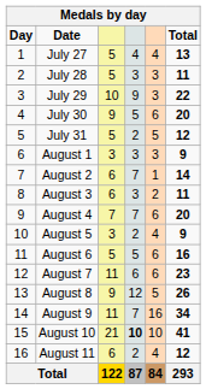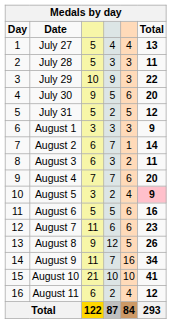 <table class=wikitable style="font-size:85%; float:right;text-align:center">
 <tr>
 <th colspan=7>Medals by day</th>
 </tr>
 <tr>
 <td><strong>Day</strong></td>
 <td><strong>Date</strong></td>
 <td bgcolor=F7F6A8></td>
 <td bgcolor=DCE5E5></td>
 <td bgcolor=FFDAB9></td>
 <td><strong>Total</strong></td>
 </tr>
 <tr>
 <td>1</td>
 <td>July 27</td>
 <td bgcolor=F7F6A8>5</td>
 <td bgcolor=DCE5E5>4</td>
 <td bgcolor=FFDAB9>4</td>
 <td><strong>13</strong></td>
 </tr>
 <tr>
 <td>2</td>
 <td>July 28</td>
 <td bgcolor=F7F6A8>5</td>
 <td bgcolor=DCE5E5>3</td>
 <td bgcolor=FFDAB9>3</td>
 <td><strong>11</strong></td>
 </tr>
 <tr>
 <td>3</td>
 <td>July 29</td>
 <td bgcolor=F7F6A8>10</td>
 <td bgcolor=DCE5E5>9</td>
 <td bgcolor=FFDAB9>3</td>
 <td><strong>22</strong></td>
 </tr>
 <tr>
 <td>4</td>
 <td>July 30</td>
 <td bgcolor=F7F6A8>9</td>
 <td bgcolor=DCE5E5>5</td>
 <td bgcolor=FFDAB9>6</td>
 <td><strong>20</strong></td>
 </tr>
 <tr>
 <td>5</td>
 <td>July 31</td>
 <td bgcolor=F7F6A8>5</td>
 <td bgcolor=DCE5E5>2</td>
 <td bgcolor=FFDAB9>5</td>
 <td><strong>12</strong></td>
 </tr>
 <tr>
 <td>6</td>
 <td>August 1</td>
 <td bgcolor=F7F6A8>3</td>
 <td bgcolor=DCE5E5>3</td>
 <td bgcolor=FFDAB9>3</td>
 <td><strong>9</strong></td>
 </tr>
 <tr>
 <td>7</td>
 <td>August 2</td>
 <td bgcolor=F7F6A8>6</td>
 <td bgcolor=DCE5E5>7</td>
 <td bgcolor=FFDAB9>1</td>
 <td><strong>14</strong></td>
 </tr>
 <tr>
 <td>8</td>
 <td>August 3</td>
 <td bgcolor=F7F6A8>6</td>
 <td bgcolor=DCE5E5>3</td>
 <td bgcolor=FFDAB9>2</td>
 <td><strong>11</strong></td>
 </tr>
 <tr>
 <td>9</td>
 <td>August 4</td>
 <td bgcolor=F7F6A8>7</td>
 <td bgcolor=DCE5E5>7</td>
 <td bgcolor=FFDAB9>6</td>
 <td><strong>20</strong></td>
 </tr>
 <tr>
 <td>10</td>
 <td>August 5</td>
 <td bgcolor=F7F6A8>3</td>
 <td bgcolor=DCE5E5>2</td>
 <td bgcolor=FFDAB9>4</td>
-<td><strong>9</strong></td>
+<td style="background: pink;"><strong>9</strong></td>
 </tr>
 <tr>
 <td>11</td>
 <td>August 6</td>
 <td bgcolor=F7F6A8>5</td>
 <td bgcolor=DCE5E5>5</td>
 <td bgcolor=FFDAB9>6</td>
 <td><strong>16</strong></td>
 </tr>
 <tr>
 <td>12</td>
 <td>August 7</td>
 <td bgcolor=F7F6A8>11</td>
 <td bgcolor=DCE5E5>6</td>
 <td bgcolor=FFDAB9>6</td>
 <td><strong>23</strong></td>
 </tr>
 <tr>
 <td>13</td>
 <td>August 8</td>
 <td bgcolor=F7F6A8>9</td>
 <td bgcolor=DCE5E5>12</td>
 <td bgcolor=FFDAB9>5</td>
 <td><strong>26</strong></td>
 </tr>
 <tr>
 <td>14</td>
 <td>August 9</td>
 <td bgcolor=F7F6A8>11</td>
 <td bgcolor=DCE5E5>7</td>
 <td bgcolor=FFDAB9>16</td>
 <td><strong>34</strong></td>
 </tr>
 <tr>
 <td>15</td>
 <td>August 10</td>
 <td bgcolor=F7F6A8>21</td>
-<td bgcolor=DCE5E5><strong>10</strong></td>
+<td bgcolor=DCE5E5>10</td>
 <td bgcolor=FFDAB9>10</td>
 <td><strong>41</strong></td>
 </tr>
 <tr>
 <td>16</td>
 <td>August 11</td>
 <td bgcolor=F7F6A8>6</td>
 <td bgcolor=DCE5E5>2</td>
 <td bgcolor=FFDAB9>4</td>
 <td><strong>12</strong></td>
 </tr>
 <tr>
 <th colspan=2>Total</th>
 <th style=background:gold>122</th>
 <th style=background:silver>87</th>
 <th style=background:#C96>84</th>
 <th>293</th>
 </tr>
 </table>
